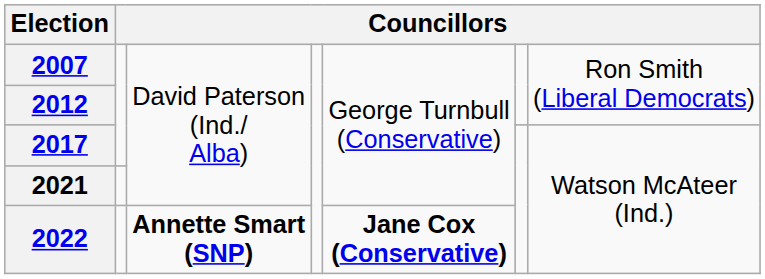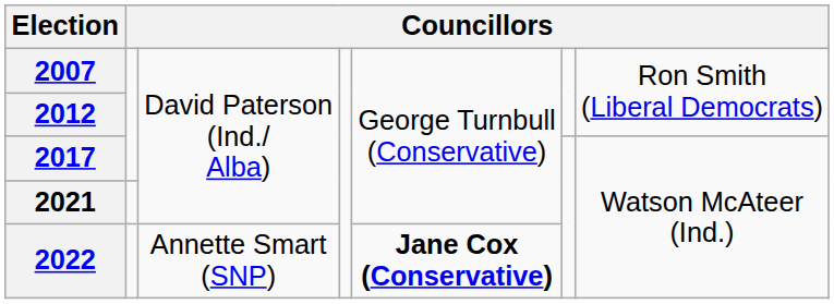 <table class="wikitable" style="text-align:center">
 <tr>
 <th>Election</th>
 <th colspan=8>Councillors</th>
 </tr>
 <tr>
 <th><a href='#'>2007</a></th>
 <td rowspan=3; style="background-color: "></td>
 <td rowspan=4>David Paterson<br>(Ind./<br><a href='#'>Alba</a>)</td>
 <td rowspan=5; style="background-color: "></td>
 <td rowspan=4>George Turnbull<br>(<a href='#'>Conservative</a>)</td>
 <td rowspan=2; style="background-color: "></td>
 <td rowspan=2>Ron Smith<br>(<a href='#'>Liberal Democrats</a>)</td>
 </tr>
 <tr>
 <th><a href='#'>2012</a></th>
 </tr>
 <tr>
 <th><a href='#'>2017</a></th>
 <td rowspan=3; style="background-color: "></td>
 <td rowspan=3>Watson McAteer<br>(Ind.)</td>
 </tr>
 <tr>
 <th>2021</th>
 <td rowspan=1; style="background-color: "></td>
 </tr>
 <tr>
 <th><a href='#'>2022</a></th>
 <td rowspan=1; style="background-color: "></td>
-<td rowspan=1><strong>Annette Smart<br>(<a href='#'>SNP</a>)</strong></td>
+<td rowspan=1>Annette Smart<br>(<a href='#'>SNP</a>)</td>
 <td rowspan=1><strong>Jane Cox<br>(<a href='#'>Conservative</a>)</strong></td>
 </tr>
 </table>
